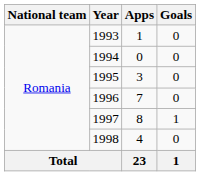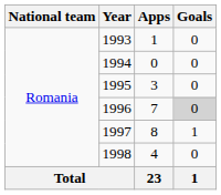 <table class="wikitable" style="text-align:center">
 <tr>
 <th>National team</th>
 <th>Year</th>
 <th>Apps</th>
 <th>Goals</th>
 </tr>
 <tr>
 <td rowspan="6"><a href='#'>Romania</a></td>
 <td>1993</td>
 <td>1</td>
 <td>0</td>
 </tr>
 <tr>
 <td>1994</td>
 <td>0</td>
 <td>0</td>
 </tr>
 <tr>
 <td>1995</td>
 <td>3</td>
 <td>0</td>
 </tr>
 <tr>
 <td>1996</td>
 <td>7</td>
-<td>0</td>
+<td style="background: lightgrey;">0</td>
 </tr>
 <tr>
 <td>1997</td>
 <td>8</td>
 <td>1</td>
 </tr>
 <tr>
 <td>1998</td>
 <td>4</td>
 <td>0</td>
 </tr>
 <tr>
 <th colspan="2">Total</th>
 <th>23</th>
 <th>1</th>
 </tr>
 </table>
